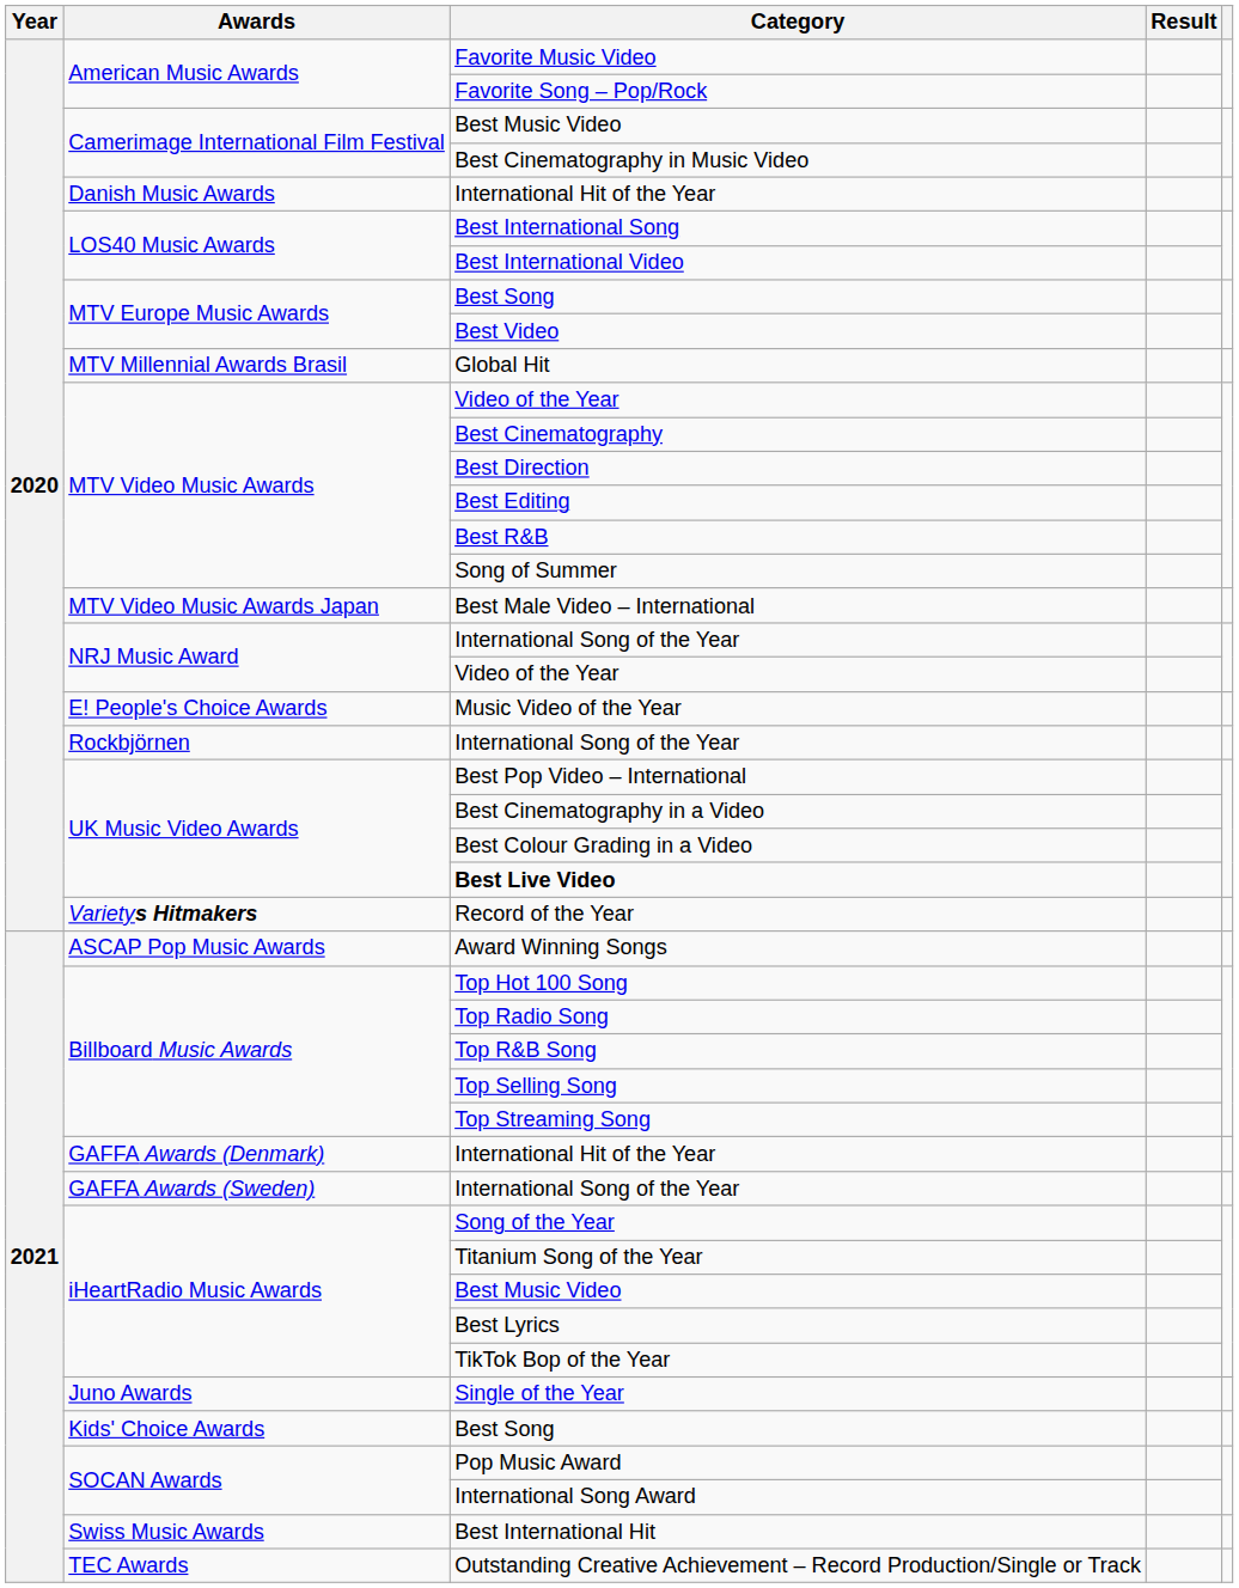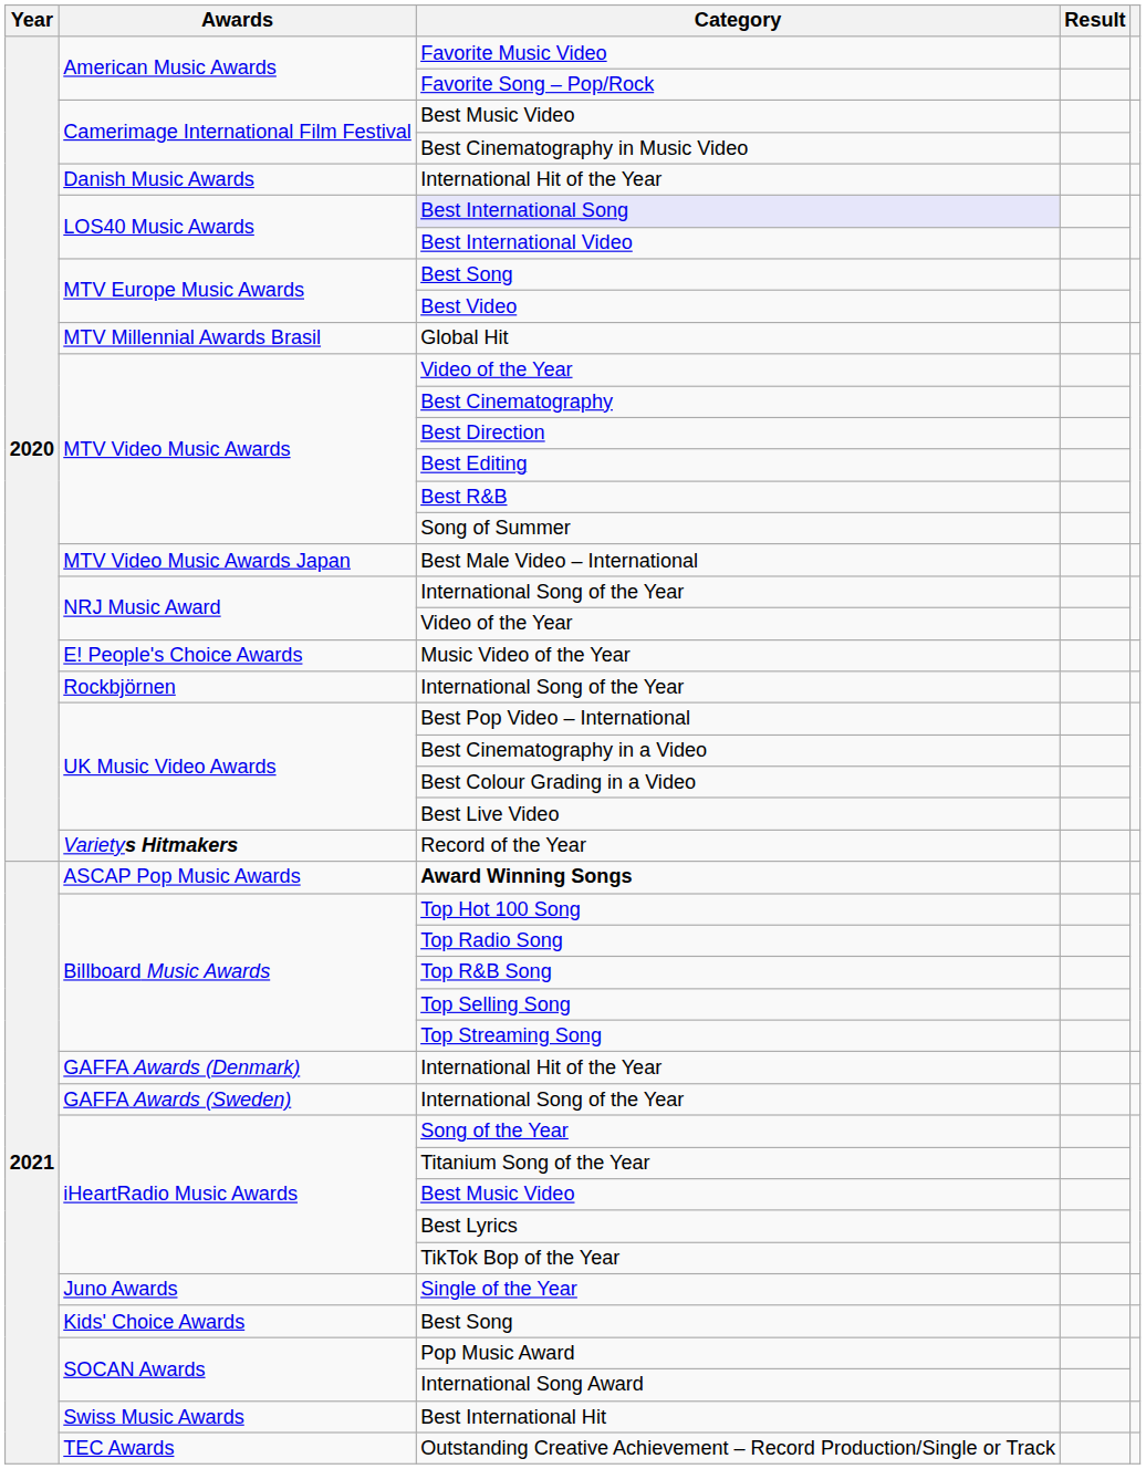 <table class="wikitable sortable plainrowheaders">
 <tr>
 <th scope="col">Year</th>
 <th scope="col">Awards</th>
 <th scope="col">Category</th>
 <th scope="col">Result</th>
 <th scope="col"></th>
 </tr>
 <tr>
 <th scope="row" rowspan="26">2020</th>
 <td rowspan="2"><a href='#'>American Music Awards</a></td>
 <td><a href='#'>Favorite Music Video</a></td>
 <td></td>
 <td style="text-align:center;" rowspan="2"></td>
 </tr>
 <tr>
 <td><a href='#'>Favorite Song – Pop/Rock</a></td>
 <td></td>
 </tr>
 <tr>
 <td rowspan="2"><a href='#'>Camerimage International Film Festival</a></td>
 <td>Best Music Video</td>
 <td></td>
 <td style="text-align:center;" rowspan="2"></td>
 </tr>
 <tr>
 <td>Best Cinematography in Music Video</td>
 <td></td>
 </tr>
 <tr>
 <td><a href='#'>Danish Music Awards</a></td>
 <td>International Hit of the Year</td>
 <td></td>
 <td style="text-align:center;"></td>
 </tr>
 <tr>
 <td rowspan="2"><a href='#'>LOS40 Music Awards</a></td>
-<td><a href='#'>Best International Song</a></td>
+<td style="background: lavender;"><a href='#'>Best International Song</a></td>
 <td></td>
 <td style="text-align:center;" rowspan="2"></td>
 </tr>
 <tr>
 <td><a href='#'>Best International Video</a></td>
 <td></td>
 </tr>
 <tr>
 <td rowspan="2"><a href='#'>MTV Europe Music Awards</a></td>
 <td><a href='#'>Best Song</a></td>
 <td></td>
 <td style="text-align:center;" rowspan="2"></td>
 </tr>
 <tr>
 <td><a href='#'>Best Video</a></td>
 <td></td>
 </tr>
 <tr>
 <td><a href='#'>MTV Millennial Awards Brasil</a></td>
 <td>Global Hit</td>
 <td></td>
 <td style="text-align:center;"></td>
 </tr>
 <tr>
 <td rowspan="6"><a href='#'>MTV Video Music Awards</a></td>
 <td><a href='#'>Video of the Year</a></td>
 <td></td>
 <td style="text-align:center;" rowspan="6"></td>
 </tr>
 <tr>
 <td><a href='#'>Best Cinematography</a></td>
 <td></td>
 </tr>
 <tr>
 <td><a href='#'>Best Direction</a></td>
 <td></td>
 </tr>
 <tr>
 <td><a href='#'>Best Editing</a></td>
 <td></td>
 </tr>
 <tr>
 <td><a href='#'>Best R&B</a></td>
 <td></td>
 </tr>
 <tr>
 <td>Song of Summer</td>
 <td></td>
 </tr>
 <tr>
 <td><a href='#'>MTV Video Music Awards Japan</a></td>
 <td>Best Male Video – International</td>
 <td></td>
 <td style="text-align:center;"></td>
 </tr>
 <tr>
 <td rowspan="2"><a href='#'>NRJ Music Award</a></td>
 <td>International Song of the Year</td>
 <td></td>
 <td style="text-align:center;" rowspan="2"></td>
 </tr>
 <tr>
 <td>Video of the Year</td>
 <td></td>
 </tr>
 <tr>
 <td><a href='#'>E! People's Choice Awards</a></td>
 <td>Music Video of the Year</td>
 <td></td>
 <td style="text-align:center;"></td>
 </tr>
 <tr>
 <td><a href='#'>Rockbjörnen</a></td>
 <td>International Song of the Year</td>
 <td></td>
 <td style="text-align:center;"></td>
 </tr>
 <tr>
 <td rowspan="4"><a href='#'>UK Music Video Awards</a></td>
 <td>Best Pop Video – International</td>
 <td></td>
 <td style="text-align:center;" rowspan="4"></td>
 </tr>
 <tr>
 <td>Best Cinematography in a Video</td>
 <td></td>
 </tr>
 <tr>
 <td>Best Colour Grading in a Video</td>
 <td></td>
 </tr>
 <tr>
-<td><strong>Best Live Video</strong></td>
+<td>Best Live Video</td>
 <td></td>
 </tr>
 <tr>
 <td><em><a href='#'>Variety</a><strong>s Hitmakers</td>
 <td>Record of the Year</td>
 <td></td>
 <td style="text-align:center;"></td>
 </tr>
 <tr>
 <th scope="row" rowspan="19">2021</th>
 <td><a href='#'>ASCAP Pop Music Awards</a></td>
-<td>Award Winning Songs</td>
+<td><strong>Award Winning Songs</strong></td>
 <td></td>
 <td style="text-align:center;"></td>
 </tr>
 <tr>
 <td rowspan="5"><a href='#'></em>Billboard<em> Music Awards</a></td>
 <td><a href='#'>Top Hot 100 Song</a></td>
 <td></td>
 <td rowspan="5"  style="text-align:center;"></td>
 </tr>
 <tr>
 <td><a href='#'>Top Radio Song</a></td>
 <td></td>
 </tr>
 <tr>
 <td><a href='#'>Top R&B Song</a></td>
 <td></td>
 </tr>
 <tr>
 <td><a href='#'>Top Selling Song</a></td>
 <td></td>
 </tr>
 <tr>
 <td><a href='#'>Top Streaming Song</a></td>
 <td></td>
 </tr>
 <tr>
 <td><a href='#'></em>GAFFA<em> Awards (Denmark)</a></td>
 <td>International Hit of the Year</td>
 <td></td>
 <td style="text-align:center;"></td>
 </tr>
 <tr>
 <td><a href='#'></em>GAFFA<em> Awards (Sweden)</a></td>
 <td>International Song of the Year</td>
 <td></td>
 <td style="text-align:center;"></td>
 </tr>
 <tr>
 <td rowspan="5"><a href='#'>iHeartRadio Music Awards</a></td>
 <td><a href='#'>Song of the Year</a></td>
 <td></td>
 <td style="text-align:center;" rowspan="5"></td>
 </tr>
 <tr>
 <td>Titanium Song of the Year</td>
 <td></td>
 </tr>
 <tr>
 <td><a href='#'>Best Music Video</a></td>
 <td></td>
 </tr>
 <tr>
 <td>Best Lyrics</td>
 <td></td>
 </tr>
 <tr>
 <td>TikTok Bop of the Year</td>
 <td></td>
 </tr>
 <tr>
 <td><a href='#'>Juno Awards</a></td>
 <td><a href='#'>Single of the Year</a></td>
 <td></td>
 <td style="text-align:center;"></td>
 </tr>
 <tr>
 <td><a href='#'>Kids' Choice Awards</a></td>
 <td>Best Song</td>
 <td></td>
 <td style="text-align:center;"></td>
 </tr>
 <tr>
 <td rowspan="2"><a href='#'>SOCAN Awards</a></td>
 <td>Pop Music Award</td>
 <td></td>
 <td rowspan="2"  style="text-align:center;"></td>
 </tr>
 <tr>
 <td>International Song Award</td>
 <td></td>
 </tr>
 <tr>
 <td><a href='#'>Swiss Music Awards</a></td>
 <td>Best International Hit</td>
 <td></td>
 <td style="text-align:center;"></td>
 </tr>
 <tr>
 <td><a href='#'>TEC Awards</a></td>
 <td>Outstanding Creative Achievement – Record Production/Single or Track</td>
 <td></td>
 <td style="text-align:center;"></td>
 </tr>
 </table>
